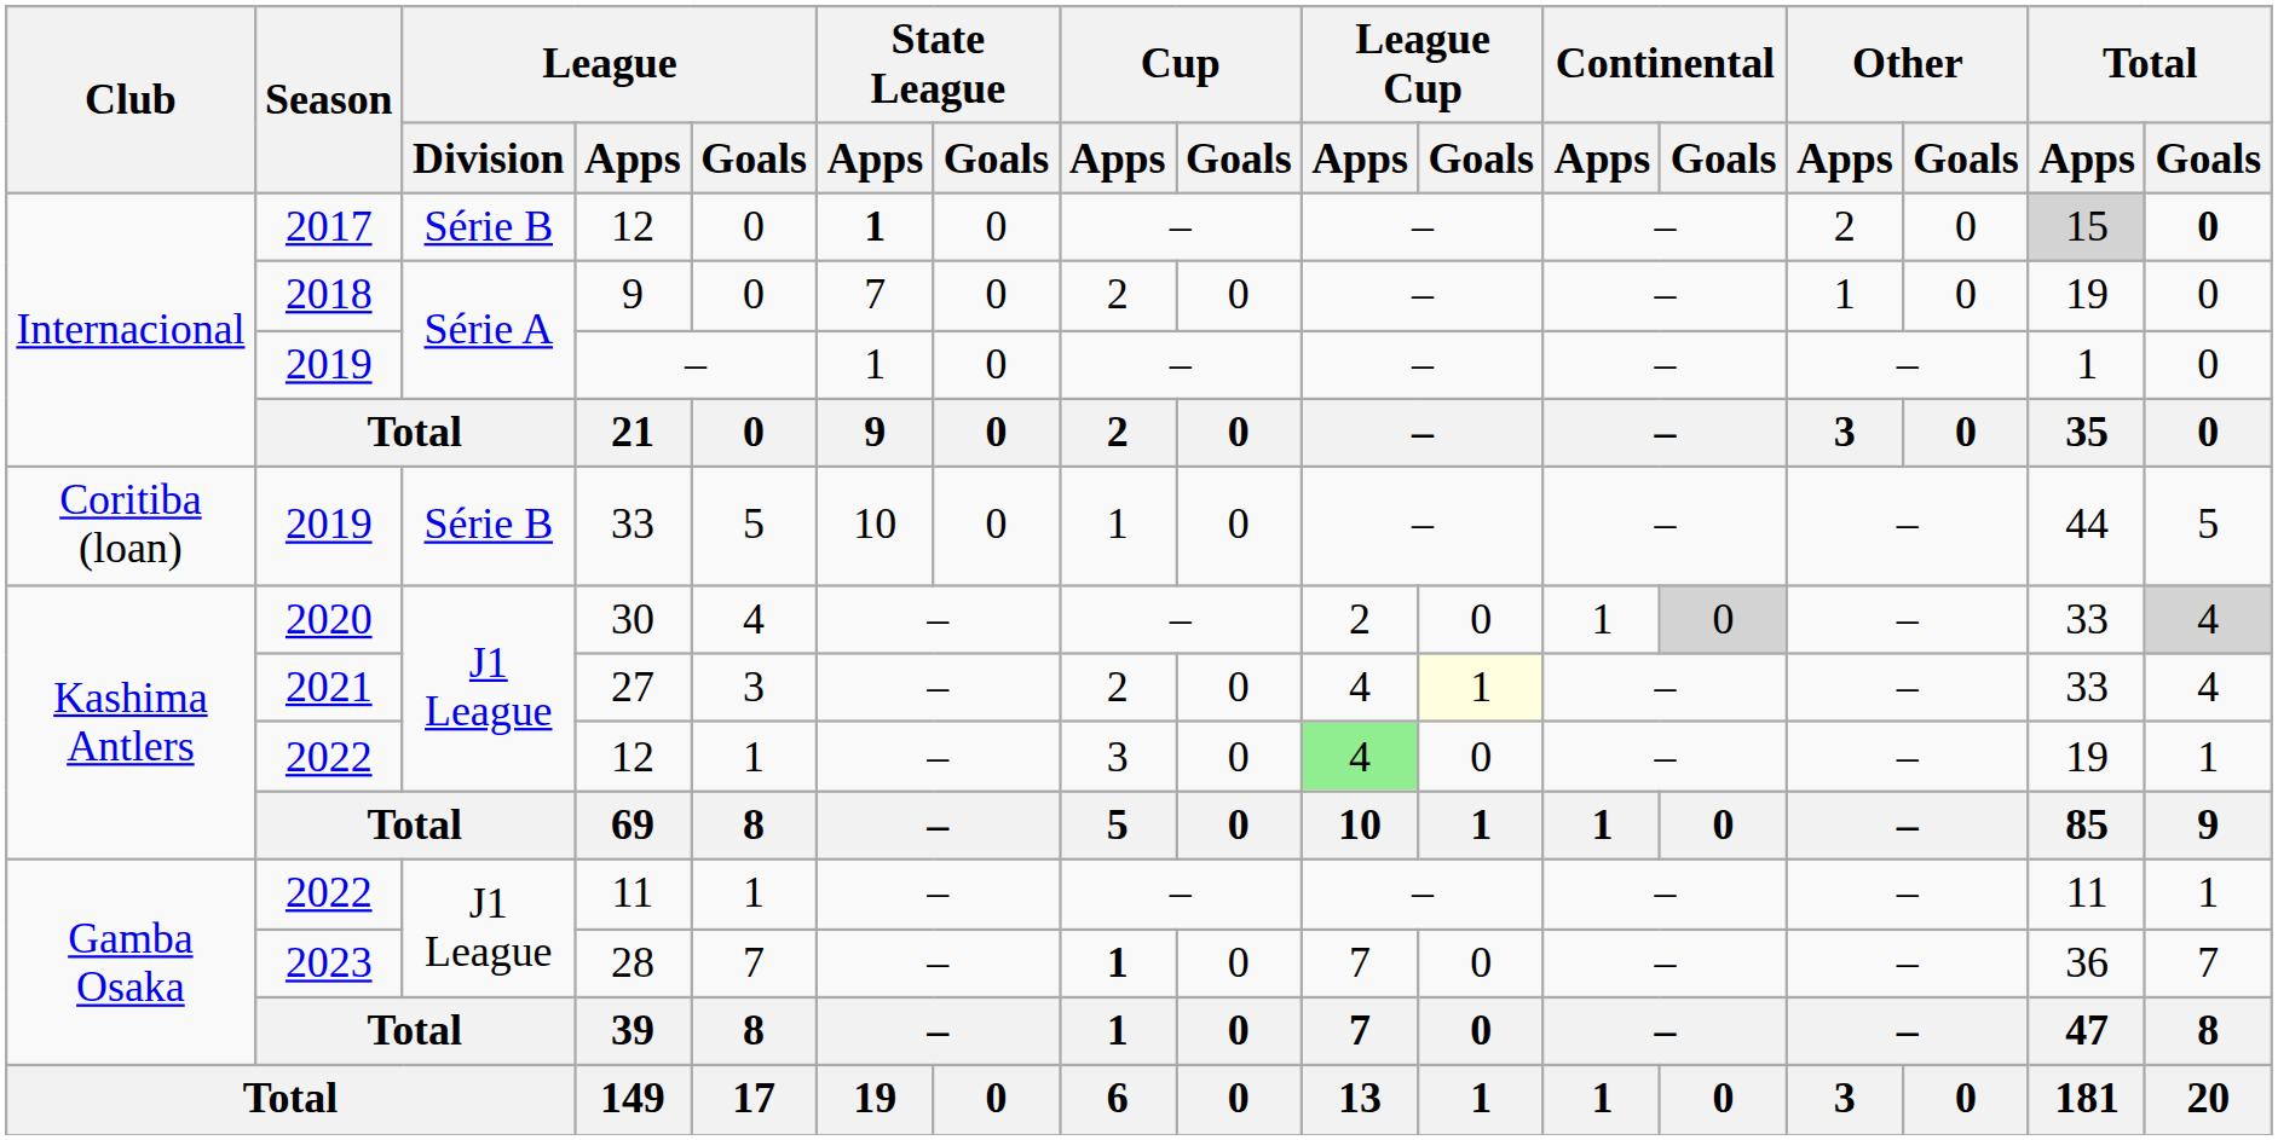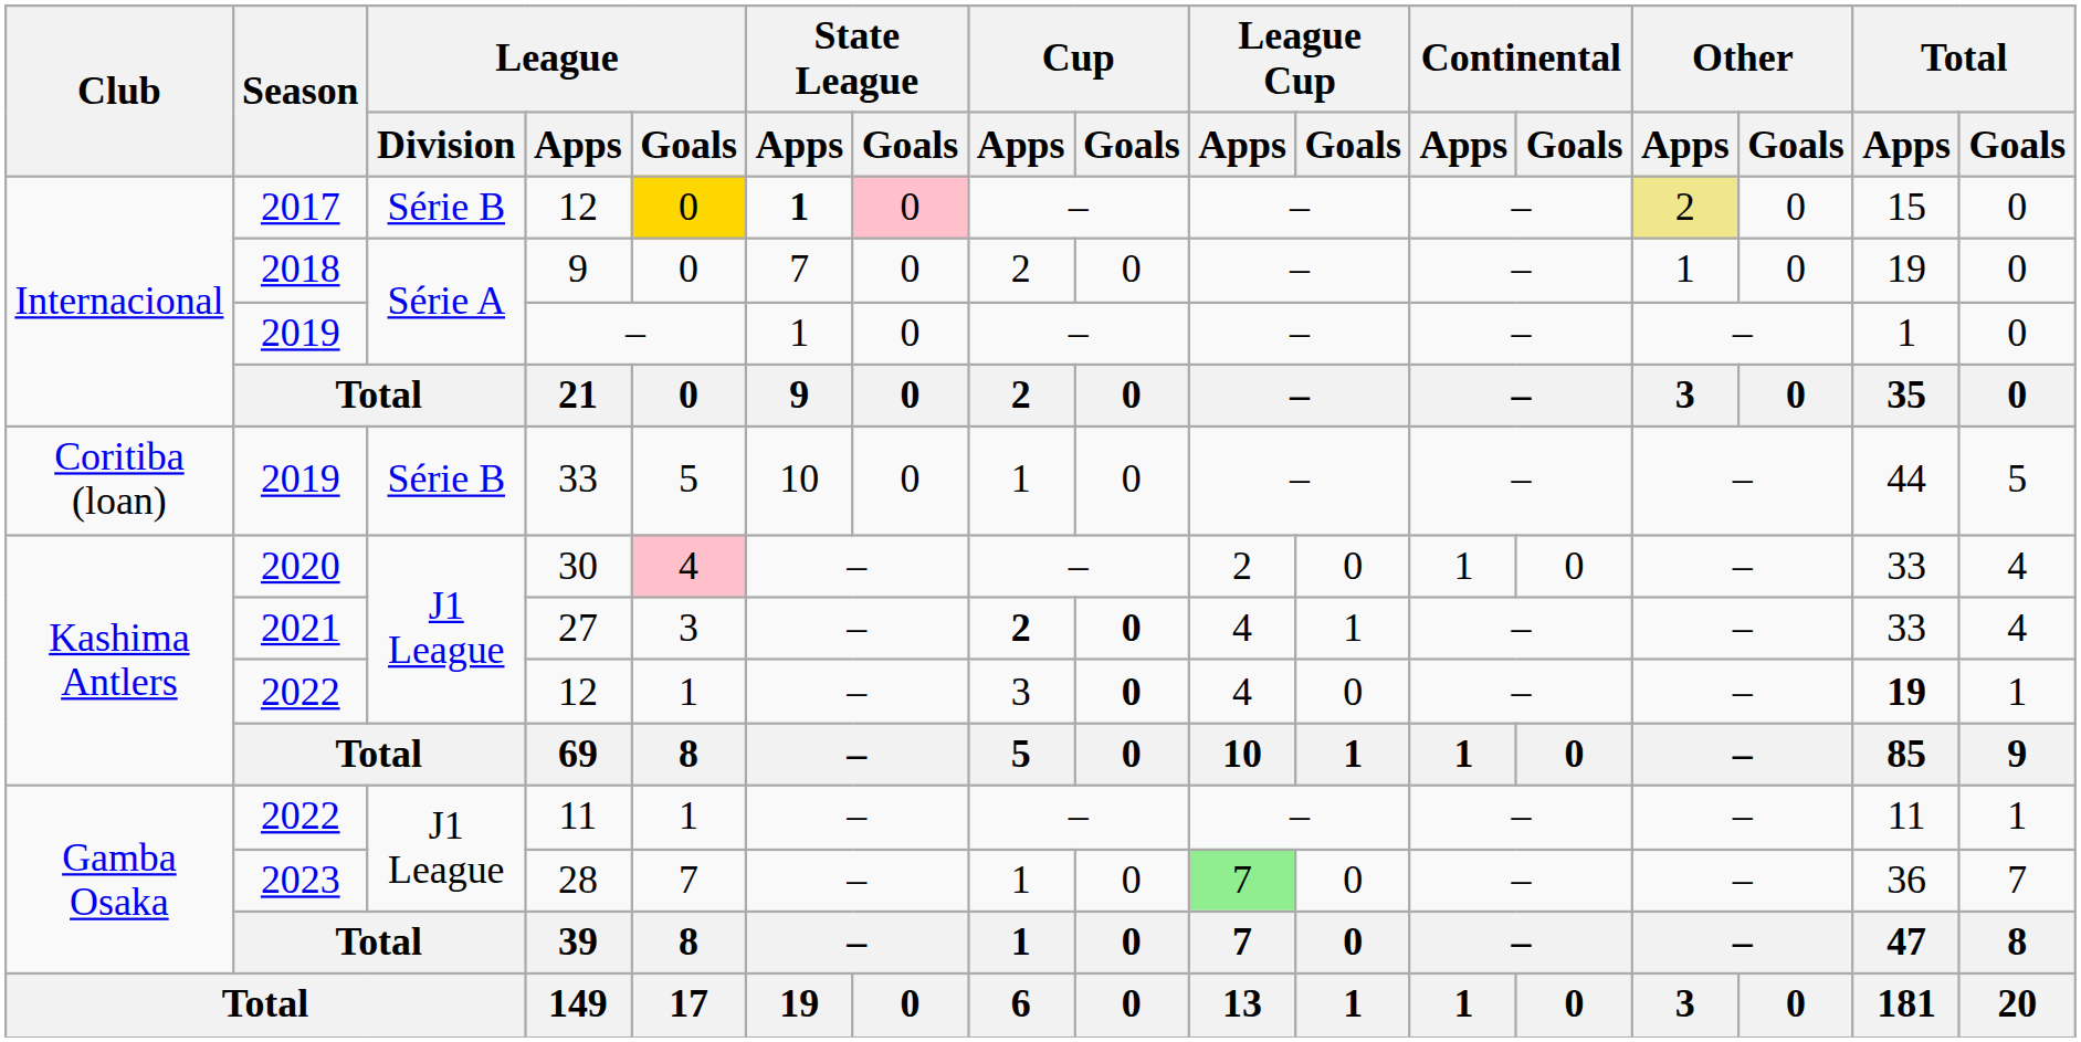 <table class="wikitable" style="text-align:center;">
 <tr>
 <th rowspan=2>Club</th>
 <th rowspan=2>Season</th>
 <th colspan=3>League</th>
 <th colspan=2>State League</th>
 <th colspan=2>Cup</th>
 <th colspan=2>League Cup</th>
 <th colspan=2>Continental</th>
 <th colspan=2>Other</th>
 <th colspan=2>Total</th>
 </tr>
 <tr>
 <th>Division</th>
 <th>Apps</th>
 <th>Goals</th>
 <th>Apps</th>
 <th>Goals</th>
 <th>Apps</th>
 <th>Goals</th>
 <th>Apps</th>
 <th>Goals</th>
 <th>Apps</th>
 <th>Goals</th>
 <th>Apps</th>
 <th>Goals</th>
 <th>Apps</th>
 <th>Goals</th>
 </tr>
 <tr>
 <td rowspan="4"><a href='#'>Internacional</a></td>
 <td><a href='#'>2017</a></td>
 <td><a href='#'>Série B</a></td>
 <td>12</td>
-<td>0</td>
+<td style="background: gold;">0</td>
 <td><strong>1</strong></td>
-<td>0</td>
+<td style="background: pink;">0</td>
 <td colspan="2">–</td>
 <td colspan="2">–</td>
 <td colspan="2">–</td>
-<td>2</td>
+<td style="background: khaki;">2</td>
 <td>0</td>
-<td style="background: lightgrey;">15</td>
-<td><strong>0</strong></td>
+<td>15</td>
+<td>0</td>
 </tr>
 <tr>
 <td><a href='#'>2018</a></td>
 <td rowspan="2"><a href='#'>Série A</a></td>
 <td>9</td>
 <td>0</td>
 <td>7</td>
 <td>0</td>
 <td>2</td>
 <td>0</td>
 <td colspan="2">–</td>
 <td colspan="2">–</td>
 <td>1</td>
 <td>0</td>
 <td>19</td>
 <td>0</td>
 </tr>
 <tr>
 <td><a href='#'>2019</a></td>
 <td colspan="2">–</td>
 <td>1</td>
 <td>0</td>
 <td colspan="2">–</td>
 <td colspan="2">–</td>
 <td colspan="2">–</td>
 <td colspan="2">–</td>
 <td>1</td>
 <td>0</td>
 </tr>
 <tr>
 <th colspan=2>Total</th>
 <th>21</th>
 <th>0</th>
 <th>9</th>
 <th>0</th>
 <th>2</th>
 <th>0</th>
 <th colspan="2">–</th>
 <th colspan="2">–</th>
 <th>3</th>
 <th>0</th>
 <th>35</th>
 <th>0</th>
 </tr>
 <tr>
 <td><a href='#'>Coritiba</a> (loan)</td>
 <td><a href='#'>2019</a></td>
 <td><a href='#'>Série B</a></td>
 <td>33</td>
 <td>5</td>
 <td>10</td>
 <td>0</td>
 <td>1</td>
 <td>0</td>
 <td colspan="2">–</td>
 <td colspan="2">–</td>
 <td colspan="2">–</td>
 <td>44</td>
 <td>5</td>
 </tr>
 <tr>
 <td rowspan="4"><a href='#'>Kashima Antlers</a></td>
 <td><a href='#'>2020</a></td>
 <td rowspan="3"><a href='#'>J1 League</a></td>
 <td>30</td>
-<td>4</td>
+<td style="background: pink;">4</td>
 <td colspan="2">–</td>
 <td colspan="2">–</td>
 <td>2</td>
 <td>0</td>
 <td>1</td>
-<td style="background: lightgrey;">0</td>
+<td>0</td>
 <td colspan=2>–</td>
 <td>33</td>
-<td style="background: lightgrey;">4</td>
+<td>4</td>
 </tr>
 <tr>
 <td><a href='#'>2021</a></td>
 <td>27</td>
 <td>3</td>
 <td colspan="2">–</td>
-<td>2</td>
-<td>0</td>
+<td><strong>2</strong></td>
+<td><strong>0</strong></td>
 <td>4</td>
-<td style="background: lightyellow;">1</td>
+<td>1</td>
 <td colspan=2>–</td>
 <td colspan=2>–</td>
 <td>33</td>
 <td>4</td>
 </tr>
 <tr>
 <td><a href='#'>2022</a></td>
 <td>12</td>
 <td>1</td>
 <td colspan="2">–</td>
 <td>3</td>
-<td>0</td>
-<td style="background: lightgreen;">4</td>
+<td><strong>0</strong></td>
+<td>4</td>
 <td>0</td>
 <td colspan=2>–</td>
 <td colspan=2>–</td>
-<td>19</td>
+<td><strong>19</strong></td>
 <td>1</td>
 </tr>
 <tr>
 <th colspan=2>Total</th>
 <th>69</th>
 <th>8</th>
 <th colspan="2">–</th>
 <th>5</th>
 <th>0</th>
 <th>10</th>
 <th>1</th>
 <th>1</th>
 <th>0</th>
 <th colspan=2>–</th>
 <th>85</th>
 <th>9</th>
 </tr>
 <tr>
 <td rowspan="3"><a href='#'>Gamba Osaka</a></td>
 <td><a href='#'>2022</a></td>
 <td rowspan="2">J1 League</td>
 <td>11</td>
 <td>1</td>
 <td colspan="2">–</td>
 <td colspan="2">–</td>
 <td colspan=2>–</td>
 <td colspan=2>–</td>
 <td colspan=2>–</td>
 <td>11</td>
 <td>1</td>
 </tr>
 <tr>
 <td><a href='#'>2023</a></td>
 <td>28</td>
 <td>7</td>
 <td colspan="2">–</td>
-<td><strong>1</strong></td>
+<td>1</td>
 <td>0</td>
-<td>7</td>
+<td style="background: lightgreen;">7</td>
 <td>0</td>
 <td colspan=2>–</td>
 <td colspan=2>–</td>
 <td>36</td>
 <td>7</td>
 </tr>
 <tr>
 <th colspan=2>Total</th>
 <th>39</th>
 <th>8</th>
 <th colspan="2">–</th>
 <th>1</th>
 <th>0</th>
 <th>7</th>
 <th>0</th>
 <th colspan=2>–</th>
 <th colspan=2>–</th>
 <th>47</th>
 <th>8</th>
 </tr>
 <tr>
 <th colspan=3>Total</th>
 <th>149</th>
 <th>17</th>
 <th>19</th>
 <th>0</th>
 <th>6</th>
 <th>0</th>
 <th>13</th>
 <th>1</th>
 <th>1</th>
 <th>0</th>
 <th>3</th>
 <th>0</th>
 <th>181</th>
 <th>20</th>
 </tr>
 </table>
